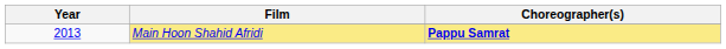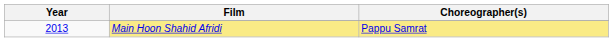 <table class="wikitable">
 <tr>
 <th width="8%">Year</th>
 <th width="19%">Film</th>
 <th width="19%">Choreographer(s)</th>
 </tr>
 <tr>
 <td rowspan=2 style="text-align:center"><a href='#'>2013</a><br></td>
 </tr>
 <tr style="background:#FAEB86">
 <td><em><a href='#'>Main Hoon Shahid Afridi</a></em></td>
-<td><strong><a href='#'>Pappu Samrat</a></strong></td>
+<td><a href='#'>Pappu Samrat</a></td>
 </tr>
 </table>
